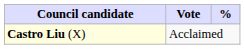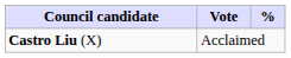 <table class="wikitable">
 <tr Castro Liu || ||>
 <th style="background:#ddf; width:200px;">Council candidate</th>
 <th style="background:#ddf; width:50px;">Vote</th>
 <th style="background:#ddf; width:30px;">%</th>
 </tr>
 <tr>
-<td style="background: lightyellow;"><strong>Castro Liu</strong> (X)</td>
+<td><strong>Castro Liu</strong> (X)</td>
 <td colspan="2">Acclaimed</td>
 </tr>
 </table>
